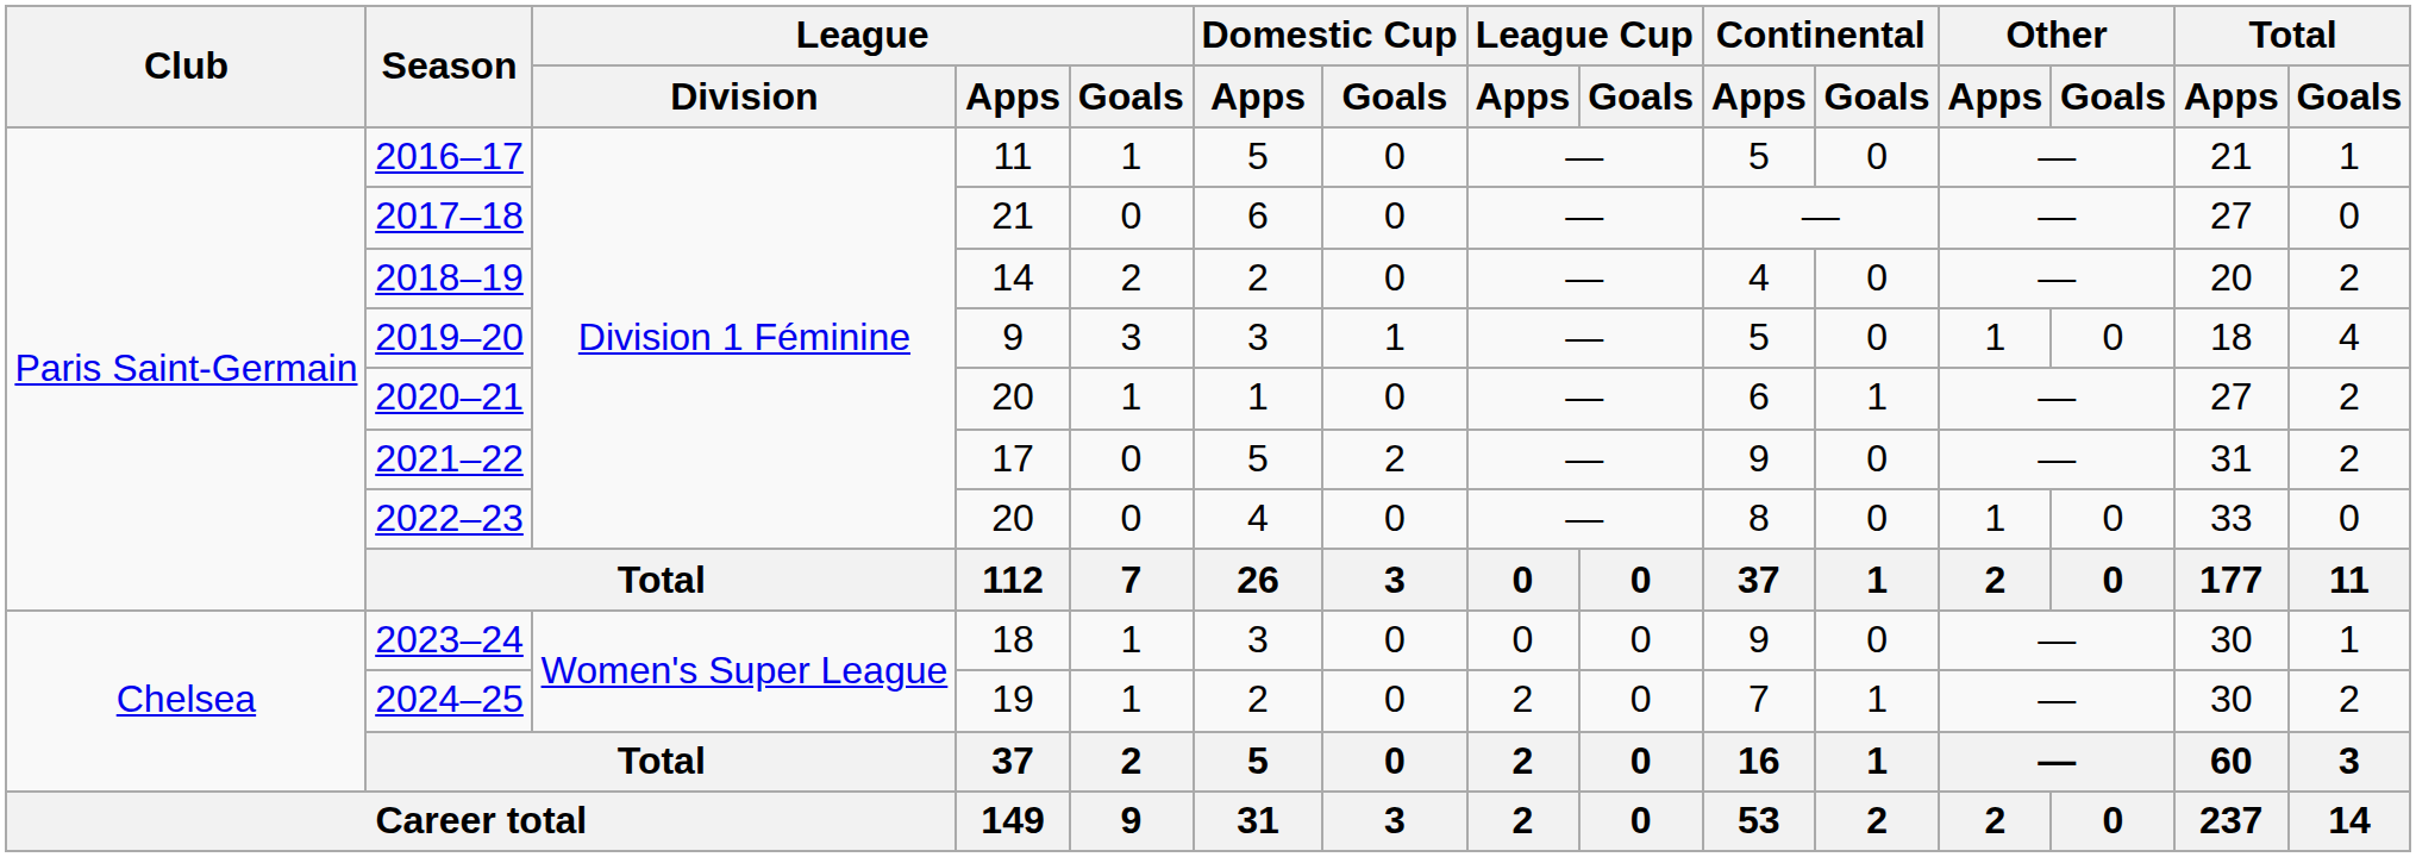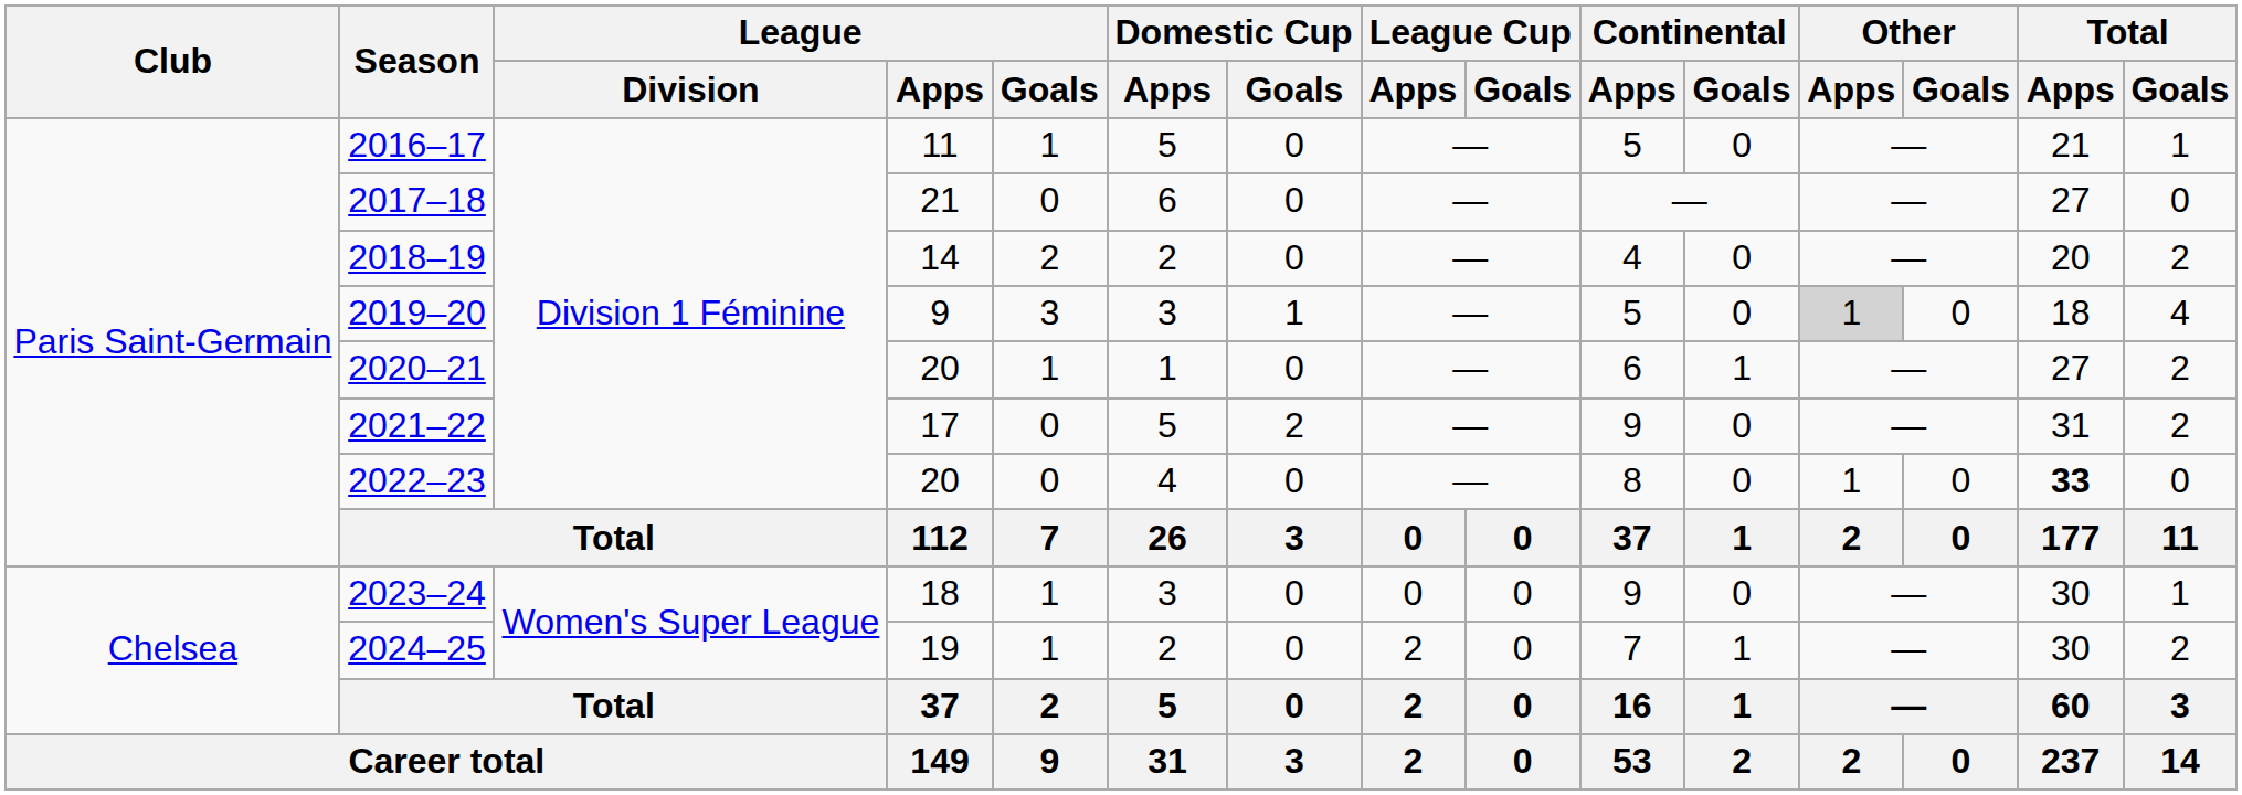 <table class="wikitable" style="text-align: center;">
 <tr>
 <th rowspan="2">Club</th>
 <th rowspan="2">Season</th>
 <th colspan="3">League</th>
 <th colspan="2">Domestic Cup</th>
 <th colspan="2">League Cup</th>
 <th colspan="2">Continental</th>
 <th colspan="2">Other</th>
 <th colspan="2">Total</th>
 </tr>
 <tr>
 <th>Division</th>
 <th>Apps</th>
 <th>Goals</th>
 <th>Apps</th>
 <th>Goals</th>
 <th>Apps</th>
 <th>Goals</th>
 <th>Apps</th>
 <th>Goals</th>
 <th>Apps</th>
 <th>Goals</th>
 <th>Apps</th>
 <th>Goals</th>
 </tr>
 <tr>
 <td rowspan="8"><a href='#'>Paris Saint-Germain</a></td>
 <td><a href='#'>2016–17</a></td>
 <td rowspan="7"><a href='#'>Division 1 Féminine</a></td>
 <td>11</td>
 <td>1</td>
 <td>5</td>
 <td>0</td>
 <td colspan="2">—</td>
 <td>5</td>
 <td>0</td>
 <td colspan="2">—</td>
 <td>21</td>
 <td>1</td>
 </tr>
 <tr>
 <td><a href='#'>2017–18</a></td>
 <td>21</td>
 <td>0</td>
 <td>6</td>
 <td>0</td>
 <td colspan="2">—</td>
 <td colspan="2">—</td>
 <td colspan="2">—</td>
 <td>27</td>
 <td>0</td>
 </tr>
 <tr>
 <td><a href='#'>2018–19</a></td>
 <td>14</td>
 <td>2</td>
 <td>2</td>
 <td>0</td>
 <td colspan="2">—</td>
 <td>4</td>
 <td>0</td>
 <td colspan="2">—</td>
 <td>20</td>
 <td>2</td>
 </tr>
 <tr>
 <td><a href='#'>2019–20</a></td>
 <td>9</td>
 <td>3</td>
 <td>3</td>
 <td>1</td>
 <td colspan="2">—</td>
 <td>5</td>
 <td>0</td>
-<td>1</td>
+<td style="background: lightgrey;">1</td>
 <td>0</td>
 <td>18</td>
 <td>4</td>
 </tr>
 <tr>
 <td><a href='#'>2020–21</a></td>
 <td>20</td>
 <td>1</td>
 <td>1</td>
 <td>0</td>
 <td colspan="2">—</td>
 <td>6</td>
 <td>1</td>
 <td colspan="2">—</td>
 <td>27</td>
 <td>2</td>
 </tr>
 <tr>
 <td><a href='#'>2021–22</a></td>
 <td>17</td>
 <td>0</td>
 <td>5</td>
 <td>2</td>
 <td colspan="2">—</td>
 <td>9</td>
 <td>0</td>
 <td colspan="2">—</td>
 <td>31</td>
 <td>2</td>
 </tr>
 <tr>
 <td><a href='#'>2022–23</a></td>
 <td>20</td>
 <td>0</td>
 <td>4</td>
 <td>0</td>
 <td colspan="2">—</td>
 <td>8</td>
 <td>0</td>
 <td>1</td>
 <td>0</td>
-<td>33</td>
+<td><strong>33</strong></td>
 <td>0</td>
 </tr>
 <tr>
 <th colspan="2">Total</th>
 <th>112</th>
 <th>7</th>
 <th>26</th>
 <th>3</th>
 <th>0</th>
 <th>0</th>
 <th>37</th>
 <th>1</th>
 <th>2</th>
 <th>0</th>
 <th>177</th>
 <th>11</th>
 </tr>
 <tr>
 <td rowspan="3"><a href='#'>Chelsea</a></td>
 <td><a href='#'>2023–24</a></td>
 <td rowspan="2"><a href='#'>Women's Super League</a></td>
 <td>18</td>
 <td>1</td>
 <td>3</td>
 <td>0</td>
 <td>0</td>
 <td>0</td>
 <td>9</td>
 <td>0</td>
 <td colspan="2">—</td>
 <td>30</td>
 <td>1</td>
 </tr>
 <tr>
 <td><a href='#'>2024–25</a></td>
 <td>19</td>
 <td>1</td>
 <td>2</td>
 <td>0</td>
 <td>2</td>
 <td>0</td>
 <td>7</td>
 <td>1</td>
 <td colspan="2">—</td>
 <td>30</td>
 <td>2</td>
 </tr>
 <tr>
 <th colspan="2">Total</th>
 <th>37</th>
 <th>2</th>
 <th>5</th>
 <th>0</th>
 <th>2</th>
 <th>0</th>
 <th>16</th>
 <th>1</th>
 <th colspan="2">—</th>
 <th>60</th>
 <th>3</th>
 </tr>
 <tr>
 <th colspan="3">Career total</th>
 <th>149</th>
 <th>9</th>
 <th>31</th>
 <th>3</th>
 <th>2</th>
 <th>0</th>
 <th>53</th>
 <th>2</th>
 <th>2</th>
 <th>0</th>
 <th>237</th>
 <th>14</th>
 </tr>
 </table>
